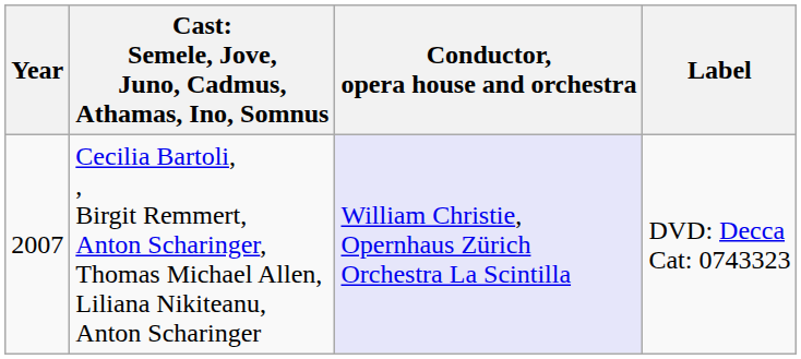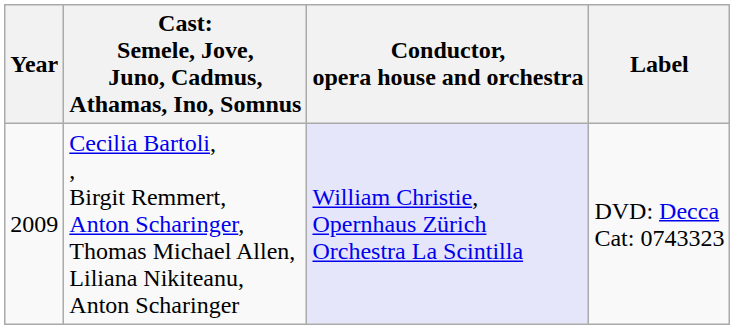 <table class="wikitable">
 <tr>
 <th>Year</th>
 <th>Cast:<br>Semele, Jove,<br>Juno, Cadmus,<br>Athamas, Ino, Somnus</th>
 <th>Conductor,<br>opera house and orchestra</th>
 <th>Label</th>
 </tr>
 <tr>
-<td>2007</td>
+<td>2009</td>
 <td><a href='#'>Cecilia Bartoli</a>,<br>,<br>Birgit Remmert,<br><a href='#'>Anton Scharinger</a>,<br>Thomas Michael Allen,<br>Liliana Nikiteanu,<br>Anton Scharinger</td>
 <td style="background: lavender;"><a href='#'>William Christie</a>,<br><a href='#'>Opernhaus Zürich</a><br><a href='#'>Orchestra La Scintilla</a></td>
 <td>DVD: <a href='#'>Decca</a><br>Cat: 0743323</td>
 </tr>
 </table>
